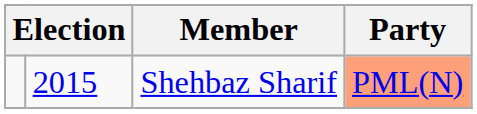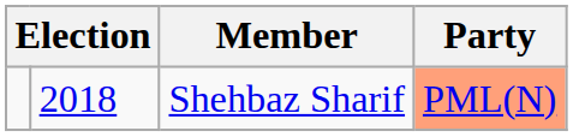 <table class="wikitable">
 <tr>
 <th colspan="2">Election</th>
 <th>Member</th>
 <th>Party</th>
 </tr>
 <tr>
 <td style="background-color: "></td>
-<td><a href='#'>2015</a></td>
+<td><a href='#'>2018</a></td>
 <td><a href='#'>Shehbaz Sharif</a></td>
 <td style="background: lightsalmon;"><a href='#'>PML(N)</a></td>
 </tr>
 </table>
